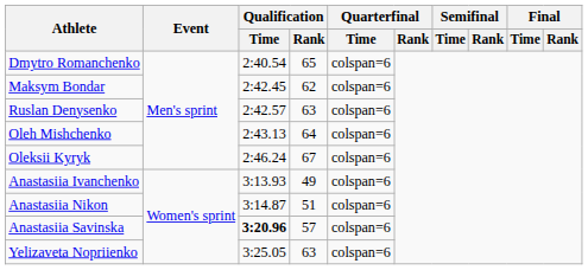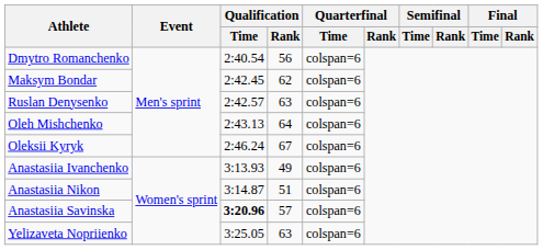 <table class=wikitable style=font-size:90%;text-align:center>
 <tr>
 <th rowspan=2>Athlete</th>
 <th rowspan=2>Event</th>
 <th colspan=2>Qualification</th>
 <th colspan=2>Quarterfinal</th>
 <th colspan=2>Semifinal</th>
 <th colspan=2>Final</th>
 </tr>
 <tr style=font-size:95%>
 <th>Time</th>
 <th>Rank</th>
 <th>Time</th>
 <th>Rank</th>
 <th>Time</th>
 <th>Rank</th>
 <th>Time</th>
 <th>Rank</th>
 </tr>
 <tr>
 <td align=left><a href='#'>Dmytro Romanchenko</a></td>
 <td align=left rowspan=5><a href='#'>Men's sprint</a></td>
 <td>2:40.54</td>
-<td>65</td>
+<td>56</td>
 <td>colspan=6 </td>
 </tr>
 <tr>
 <td align=left><a href='#'>Maksym Bondar</a></td>
 <td>2:42.45</td>
 <td>62</td>
 <td>colspan=6 </td>
 </tr>
 <tr>
 <td align=left><a href='#'>Ruslan Denysenko</a></td>
 <td>2:42.57</td>
 <td>63</td>
 <td>colspan=6 </td>
 </tr>
 <tr>
 <td align=left><a href='#'>Oleh Mishchenko</a></td>
 <td>2:43.13</td>
 <td>64</td>
 <td>colspan=6 </td>
 </tr>
 <tr>
 <td align=left><a href='#'>Oleksii Kyryk</a></td>
 <td>2:46.24</td>
 <td>67</td>
 <td>colspan=6 </td>
 </tr>
 <tr>
 <td align=left><a href='#'>Anastasiia Ivanchenko</a></td>
 <td align=left rowspan=4><a href='#'>Women's sprint</a></td>
 <td>3:13.93</td>
 <td>49</td>
 <td>colspan=6 </td>
 </tr>
 <tr>
 <td align=left><a href='#'>Anastasiia Nikon</a></td>
 <td>3:14.87</td>
 <td>51</td>
 <td>colspan=6 </td>
 </tr>
 <tr>
 <td align=left><a href='#'>Anastasiia Savinska</a></td>
 <td><strong>3:20.96</strong></td>
 <td>57</td>
 <td>colspan=6 </td>
 </tr>
 <tr>
 <td align=left><a href='#'>Yelizaveta Nopriienko</a></td>
 <td>3:25.05</td>
 <td>63</td>
 <td>colspan=6 </td>
 </tr>
 </table>
